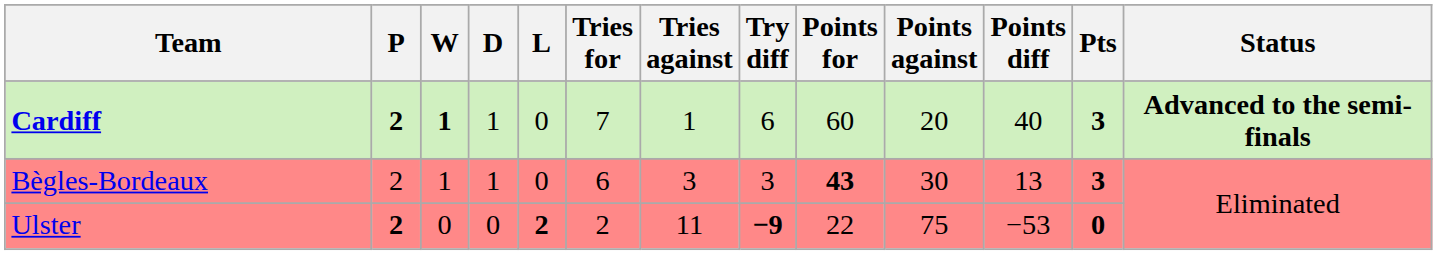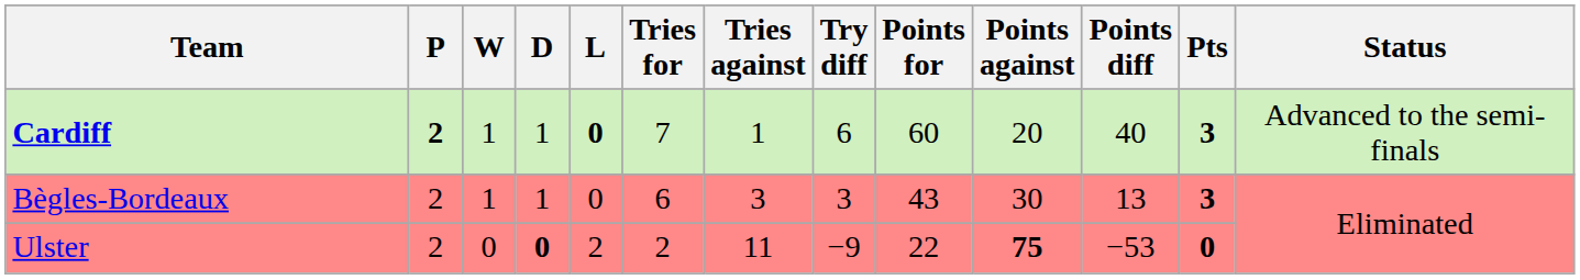 <table class="wikitable" style="text-align: center;">
 <tr>
 <th width="200">Team</th>
 <th width="20">P</th>
 <th width="20">W</th>
 <th width="20">D</th>
 <th width="20">L</th>
 <th width="20">Tries for</th>
 <th width="20">Tries against</th>
 <th width="20">Try diff</th>
 <th width="20">Points for</th>
 <th width="20">Points against</th>
 <th width="25">Points diff</th>
 <th width="20">Pts</th>
 <th width="167">Status</th>
 </tr>
 <tr bgcolor="#D0F0C0">
 <td align="left"> <strong><a href='#'>Cardiff</a></strong></td>
 <td><strong>2</strong></td>
-<td><strong>1</strong></td>
 <td>1</td>
-<td>0</td>
+<td>1</td>
+<td><strong>0</strong></td>
 <td>7</td>
 <td>1</td>
 <td>6</td>
 <td>60</td>
 <td>20</td>
 <td>40</td>
 <td><strong>3</strong></td>
-<td><strong>Advanced to the semi-finals</strong></td>
+<td>Advanced to the semi-finals</td>
 </tr>
 <tr bgcolor=#FF8888>
 <td align="left"> <a href='#'>Bègles-Bordeaux</a></td>
 <td>2</td>
 <td>1</td>
 <td>1</td>
 <td>0</td>
 <td>6</td>
 <td>3</td>
 <td>3</td>
-<td><strong>43</strong></td>
+<td>43</td>
 <td>30</td>
 <td>13</td>
 <td><strong>3</strong></td>
 <td rowspan=2>Eliminated</td>
 </tr>
 <tr bgcolor=#FF8888>
 <td align="left"> <a href='#'>Ulster</a></td>
-<td><strong>2</strong></td>
+<td>2</td>
 <td>0</td>
-<td>0</td>
-<td><strong>2</strong></td>
+<td><strong>0</strong></td>
+<td>2</td>
 <td>2</td>
 <td>11</td>
-<td><strong>−9</strong></td>
+<td>−9</td>
 <td>22</td>
-<td>75</td>
+<td><strong>75</strong></td>
 <td>−53</td>
 <td><strong>0</strong></td>
 </tr>
 </table>
